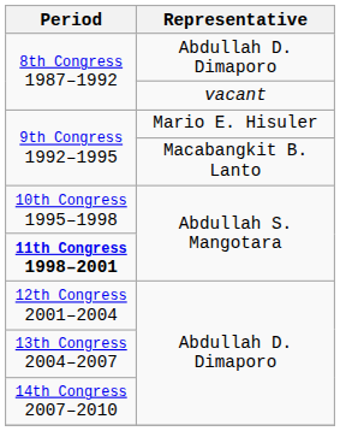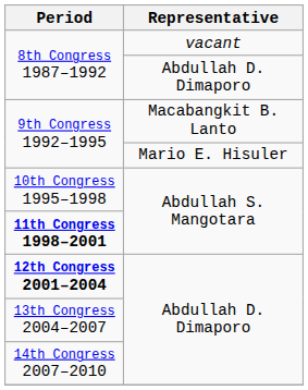 <table class="wikitable" style="text-align:center; width:40%;">
 <tr>
 <th width="40%">Period</th>
 <th>Representative</th>
 </tr>
 <tr>
 <td rowspan="2"><small><a href='#'>8th Congress</a></small><br>1987–1992</td>
+<td><em>vacant</em></td>
+</tr>
+<tr>
 <td>Abdullah D. Dimaporo</td>
 </tr>
 <tr>
-<td><em>vacant</em></td>
+<td rowspan="2"><small><a href='#'>9th Congress</a></small><br>1992–1995</td>
+<td>Macabangkit B. Lanto</td>
 </tr>
 <tr>
-<td rowspan="2"><small><a href='#'>9th Congress</a></small><br>1992–1995</td>
 <td>Mario E. Hisuler</td>
-</tr>
-<tr>
-<td>Macabangkit B. Lanto</td>
 </tr>
 <tr>
 <td><small><a href='#'>10th Congress</a></small><br>1995–1998</td>
 <td rowspan="2">Abdullah S. Mangotara</td>
 </tr>
 <tr>
 <td><strong><small><a href='#'>11th Congress</a></small><br>1998–2001</strong></td>
 </tr>
 <tr>
-<td><small><a href='#'>12th Congress</a></small><br>2001–2004</td>
+<td><strong><small><a href='#'>12th Congress</a></small><br>2001–2004</strong></td>
 <td rowspan="3">Abdullah D. Dimaporo</td>
 </tr>
 <tr>
 <td><small><a href='#'>13th Congress</a></small><br>2004–2007</td>
 </tr>
 <tr>
 <td><small><a href='#'>14th Congress</a></small><br>2007–2010</td>
 </tr>
 <tr>
 </tr>
 </table>
